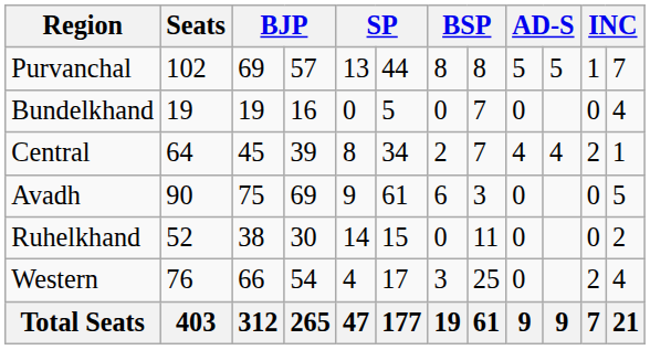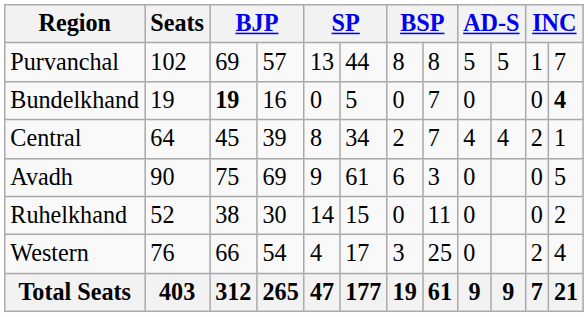 <table class="wikitable">
 <tr>
 <th>Region</th>
 <th>Seats</th>
 <th colspan="2"><a href='#'>BJP</a></th>
 <th colspan="2"><a href='#'>SP</a></th>
 <th colspan="2"><a href='#'>BSP</a></th>
 <th colspan="2"><a href='#'>AD-S</a></th>
 <th colspan="2"><a href='#'>INC</a></th>
 </tr>
 <tr>
 <td>Purvanchal</td>
 <td>102</td>
 <td>69</td>
 <td> 57</td>
 <td>13</td>
 <td> 44</td>
 <td>8</td>
 <td> 8</td>
 <td>5</td>
 <td> 5</td>
 <td>1</td>
 <td> 7</td>
 </tr>
 <tr>
 <td>Bundelkhand</td>
 <td>19</td>
-<td>19</td>
+<td><strong>19</strong></td>
 <td> 16</td>
 <td>0</td>
 <td> 5</td>
 <td>0</td>
 <td> 7</td>
 <td>0</td>
 <td></td>
 <td>0</td>
-<td> 4</td>
+<td><strong> 4</strong></td>
 </tr>
 <tr>
 <td>Central</td>
 <td>64</td>
 <td>45</td>
 <td> 39</td>
 <td>8</td>
 <td> 34</td>
 <td>2</td>
 <td> 7</td>
 <td>4</td>
 <td> 4</td>
 <td>2</td>
 <td> 1</td>
 </tr>
 <tr>
 <td>Avadh</td>
 <td>90</td>
 <td>75</td>
 <td> 69</td>
 <td>9</td>
 <td> 61</td>
 <td>6</td>
 <td> 3</td>
 <td>0</td>
 <td></td>
 <td>0</td>
 <td> 5</td>
 </tr>
 <tr>
 <td>Ruhelkhand</td>
 <td>52</td>
 <td>38</td>
 <td> 30</td>
 <td>14</td>
 <td> 15</td>
 <td>0</td>
 <td> 11</td>
 <td>0</td>
 <td></td>
 <td>0</td>
 <td> 2</td>
 </tr>
 <tr>
 <td>Western</td>
 <td>76</td>
 <td>66</td>
 <td> 54</td>
 <td>4</td>
 <td> 17</td>
 <td>3</td>
 <td> 25</td>
 <td>0</td>
 <td></td>
 <td>2</td>
 <td> 4</td>
 </tr>
 <tr>
 <th>Total Seats</th>
 <th>403</th>
 <th>312</th>
 <th> 265</th>
 <th>47</th>
 <th> 177</th>
 <th>19</th>
 <th> 61</th>
 <th>9</th>
 <th> 9</th>
 <th>7</th>
 <th> 21</th>
 </tr>
 </table>
